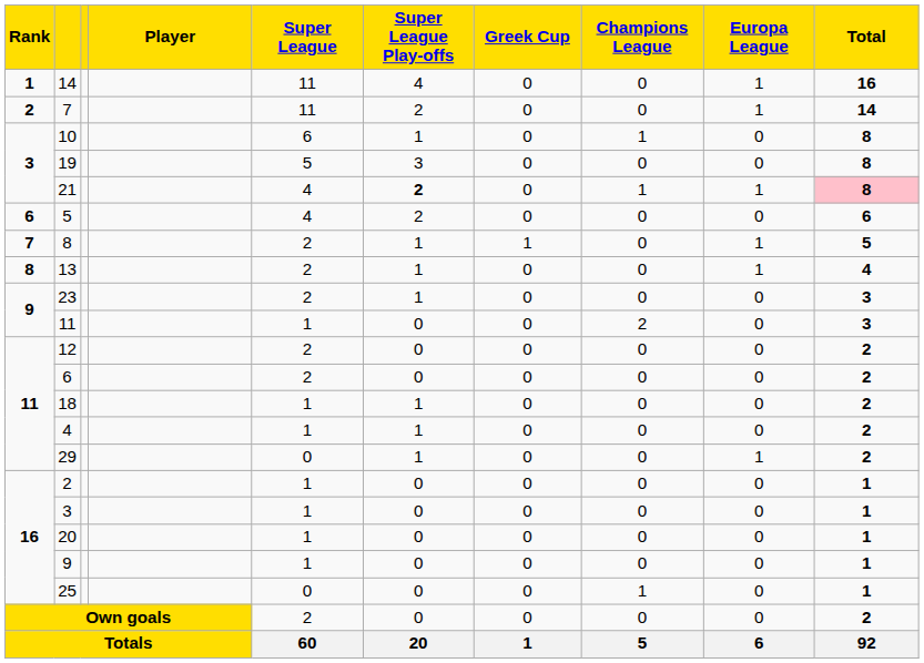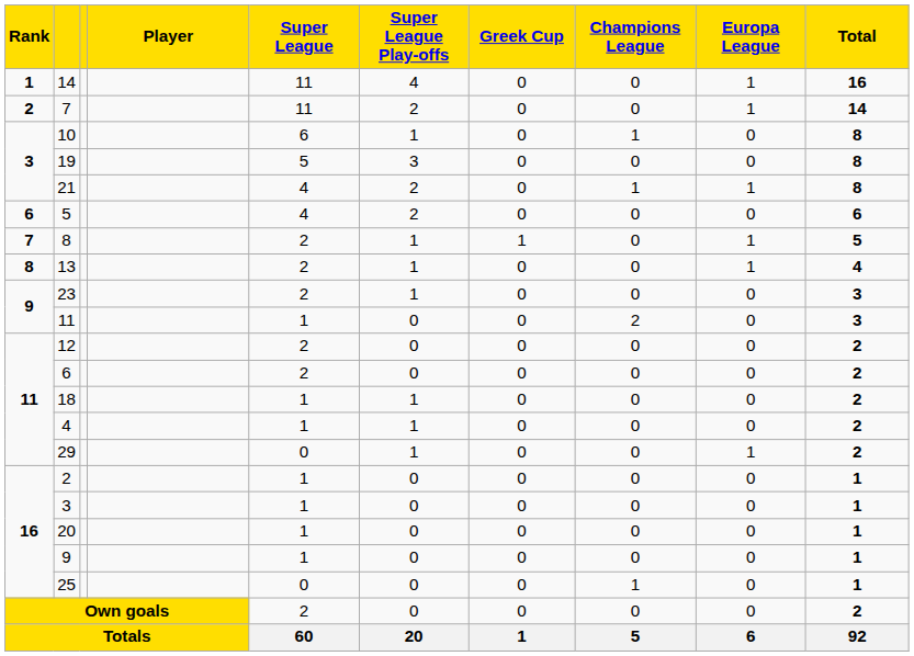 <table class="wikitable sortable" style="text-align:center">
 <tr>
 <th style="background:#FFDE00">Rank</th>
 <th style="background:#FFDE00"></th>
 <th style="background:#FFDE00"></th>
 <th width=200 style="background:#FFDE00">Player</th>
 <th width=120 style="background:#FFDE00"><a href='#'>Super League</a></th>
 <th width=120 style="background:#FFDE00"><a href='#'>Super League Play-offs</a></th>
 <th width=120 style="background:#FFDE00"><a href='#'>Greek Cup</a></th>
 <th width=120 style="background:#FFDE00"><a href='#'>Champions League</a></th>
 <th width=120 style="background:#FFDE00"><a href='#'>Europa League</a></th>
 <th width=120 style="background:#FFDE00">Total</th>
 </tr>
 <tr>
 <td><strong>1</strong></td>
 <td>14</td>
 <td></td>
 <td align=left></td>
 <td>11</td>
 <td>4</td>
 <td>0</td>
 <td>0</td>
 <td>1</td>
 <td><strong>16</strong></td>
 </tr>
 <tr>
 <td><strong>2</strong></td>
 <td>7</td>
 <td></td>
 <td align=left></td>
 <td>11</td>
 <td>2</td>
 <td>0</td>
 <td>0</td>
 <td>1</td>
 <td><strong>14</strong></td>
 </tr>
 <tr>
 <td rowspan=3><strong>3</strong></td>
 <td>10</td>
 <td></td>
 <td align=left></td>
 <td>6</td>
 <td>1</td>
 <td>0</td>
 <td>1</td>
 <td>0</td>
 <td><strong>8</strong></td>
 </tr>
 <tr>
 <td>19</td>
 <td></td>
 <td align=left></td>
 <td>5</td>
 <td>3</td>
 <td>0</td>
 <td>0</td>
 <td>0</td>
 <td><strong>8</strong></td>
 </tr>
 <tr>
 <td>21</td>
 <td></td>
 <td align=left></td>
 <td>4</td>
-<td><strong>2</strong></td>
+<td>2</td>
 <td>0</td>
 <td>1</td>
 <td>1</td>
-<td style="background: pink;"><strong>8</strong></td>
+<td><strong>8</strong></td>
 </tr>
 <tr>
 <td><strong>6</strong></td>
 <td>5</td>
 <td></td>
 <td align=left></td>
 <td>4</td>
 <td>2</td>
 <td>0</td>
 <td>0</td>
 <td>0</td>
 <td><strong>6</strong></td>
 </tr>
 <tr>
 <td><strong>7</strong></td>
 <td>8</td>
 <td></td>
 <td align=left></td>
 <td>2</td>
 <td>1</td>
 <td>1</td>
 <td>0</td>
 <td>1</td>
 <td><strong>5</strong></td>
 </tr>
 <tr>
 <td><strong>8</strong></td>
 <td>13</td>
 <td></td>
 <td align=left></td>
 <td>2</td>
 <td>1</td>
 <td>0</td>
 <td>0</td>
 <td>1</td>
 <td><strong>4</strong></td>
 </tr>
 <tr>
 <td rowspan=2><strong>9</strong></td>
 <td>23</td>
 <td></td>
 <td align=left></td>
 <td>2</td>
 <td>1</td>
 <td>0</td>
 <td>0</td>
 <td>0</td>
 <td><strong>3</strong></td>
 </tr>
 <tr>
 <td>11</td>
 <td></td>
 <td align=left></td>
 <td>1</td>
 <td>0</td>
 <td>0</td>
 <td>2</td>
 <td>0</td>
 <td><strong>3</strong></td>
 </tr>
 <tr>
 <td rowspan=5><strong>11</strong></td>
 <td>12</td>
 <td></td>
 <td align=left></td>
 <td>2</td>
 <td>0</td>
 <td>0</td>
 <td>0</td>
 <td>0</td>
 <td><strong>2</strong></td>
 </tr>
 <tr>
 <td>6</td>
 <td></td>
 <td align=left></td>
 <td>2</td>
 <td>0</td>
 <td>0</td>
 <td>0</td>
 <td>0</td>
 <td><strong>2</strong></td>
 </tr>
 <tr>
 <td>18</td>
 <td></td>
 <td align=left></td>
 <td>1</td>
 <td>1</td>
 <td>0</td>
 <td>0</td>
 <td>0</td>
 <td><strong>2</strong></td>
 </tr>
 <tr>
 <td>4</td>
 <td></td>
 <td align=left></td>
 <td>1</td>
 <td>1</td>
 <td>0</td>
 <td>0</td>
 <td>0</td>
 <td><strong>2</strong></td>
 </tr>
 <tr>
 <td>29</td>
 <td></td>
 <td align=left></td>
 <td>0</td>
 <td>1</td>
 <td>0</td>
 <td>0</td>
 <td>1</td>
 <td><strong>2</strong></td>
 </tr>
 <tr>
 <td rowspan=5><strong>16</strong></td>
 <td>2</td>
 <td></td>
 <td align=left></td>
 <td>1</td>
 <td>0</td>
 <td>0</td>
 <td>0</td>
 <td>0</td>
 <td><strong>1</strong></td>
 </tr>
 <tr>
 <td>3</td>
 <td></td>
 <td align=left></td>
 <td>1</td>
 <td>0</td>
 <td>0</td>
 <td>0</td>
 <td>0</td>
 <td><strong>1</strong></td>
 </tr>
 <tr>
 <td>20</td>
 <td></td>
 <td align=left></td>
 <td>1</td>
 <td>0</td>
 <td>0</td>
 <td>0</td>
 <td>0</td>
 <td><strong>1</strong></td>
 </tr>
 <tr>
 <td>9</td>
 <td></td>
 <td align=left></td>
 <td>1</td>
 <td>0</td>
 <td>0</td>
 <td>0</td>
 <td>0</td>
 <td><strong>1</strong></td>
 </tr>
 <tr>
 <td>25</td>
 <td></td>
 <td align=left></td>
 <td>0</td>
 <td>0</td>
 <td>0</td>
 <td>1</td>
 <td>0</td>
 <td><strong>1</strong></td>
 </tr>
 <tr class="sortbottom">
 <td colspan=4 style="background:#FFDE00"><strong>Own goals</strong></td>
 <td>2</td>
 <td>0</td>
 <td>0</td>
 <td>0</td>
 <td>0</td>
 <td><strong>2</strong></td>
 </tr>
 <tr class="sortbottom">
 <th colspan=4 style="background:#FFDE00"><strong>Totals</strong></th>
 <th><strong>60</strong></th>
 <th><strong>20</strong></th>
 <th><strong> 1</strong></th>
 <th><strong> 5</strong></th>
 <th><strong> 6</strong></th>
 <th><strong>92</strong></th>
 </tr>
 </table>
